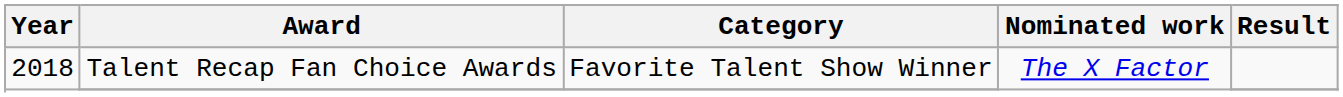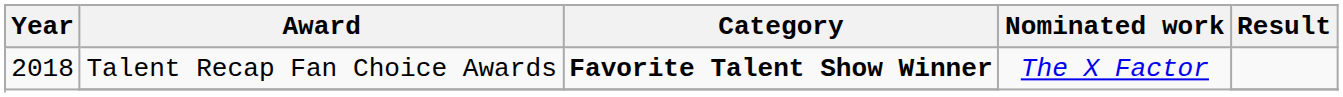 <table class="wikitable sortable" style="text-align: center;">
 <tr>
 <th>Year</th>
 <th>Award</th>
 <th>Category</th>
 <th>Nominated work</th>
 <th>Result</th>
 </tr>
 <tr>
 <td rowspan="2">2018</td>
 <td>Talent Recap Fan Choice Awards</td>
-<td>Favorite Talent Show Winner</td>
+<td><strong>Favorite Talent Show Winner</strong></td>
 <td rowspan="2"><em><a href='#'>The X Factor</a></em></td>
 <td></td>
 </tr>
 <tr>
 </tr>
 </table>
